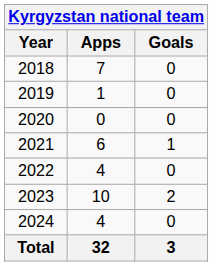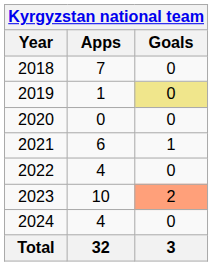 <table class="wikitable" style="text-align:center">
 <tr>
 <th colspan=3><a href='#'>Kyrgyzstan national team</a></th>
 </tr>
 <tr>
 <th>Year</th>
 <th>Apps</th>
 <th>Goals</th>
 </tr>
 <tr>
 <td>2018</td>
 <td>7</td>
 <td>0</td>
 </tr>
 <tr>
 <td>2019</td>
 <td>1</td>
-<td>0</td>
+<td style="background: khaki;">0</td>
 </tr>
 <tr>
 <td>2020</td>
 <td>0</td>
 <td>0</td>
 </tr>
 <tr>
 <td>2021</td>
 <td>6</td>
 <td>1</td>
 </tr>
 <tr>
 <td>2022</td>
 <td>4</td>
 <td>0</td>
 </tr>
 <tr>
 <td>2023</td>
 <td>10</td>
-<td>2</td>
+<td style="background: lightsalmon;">2</td>
 </tr>
 <tr>
 <td>2024</td>
 <td>4</td>
 <td>0</td>
 </tr>
 <tr>
 <th>Total</th>
 <th>32</th>
 <th>3</th>
 </tr>
 </table>
